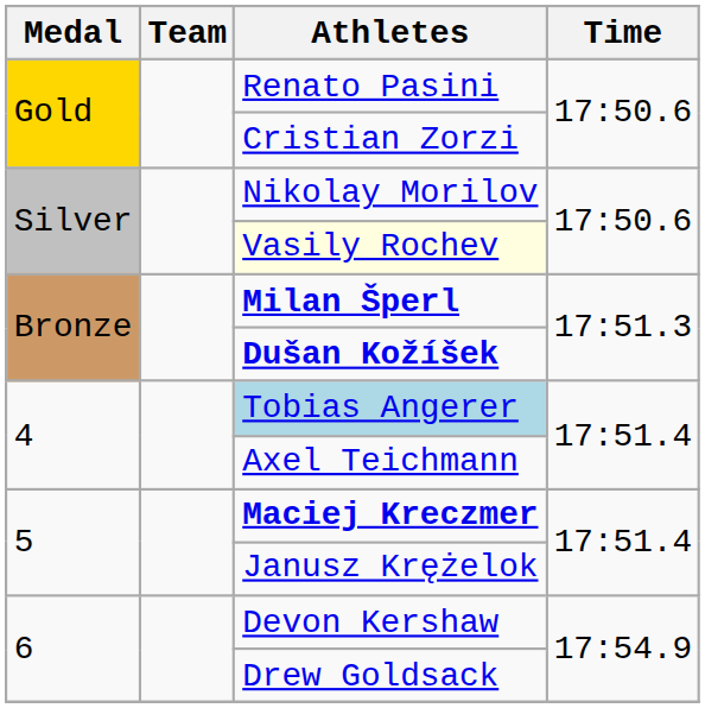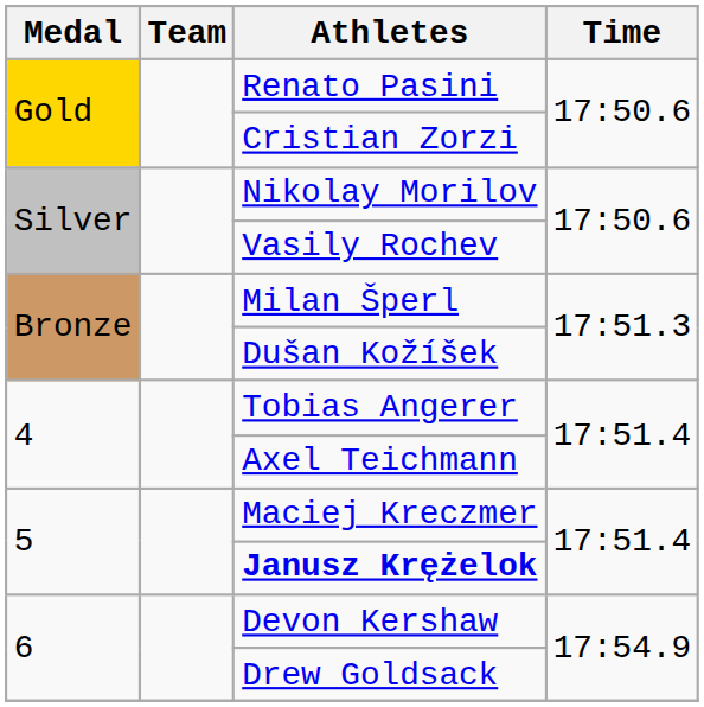 <table class="wikitable">
 <tr>
 <th align=left>Medal</th>
 <th>Team</th>
 <th>Athletes</th>
 <th align=Center>Time</th>
 </tr>
 <tr>
 <td bgcolor="gold" align=left rowspan="2">Gold</td>
 <td align=left rowspan="2"></td>
 <td align=left><a href='#'>Renato Pasini</a></td>
 <td align=center rowspan="2">17:50.6</td>
 </tr>
 <tr>
 <td align=left><a href='#'>Cristian Zorzi</a></td>
 </tr>
 <tr>
 <td bgcolor="silver" align=left rowspan="2">Silver</td>
 <td align=left rowspan="2"></td>
 <td align=left><a href='#'>Nikolay Morilov</a></td>
 <td align=center rowspan="2">17:50.6</td>
 </tr>
 <tr>
-<td align=left style="background: lightyellow;"><a href='#'>Vasily Rochev</a></td>
+<td align=left><a href='#'>Vasily Rochev</a></td>
 </tr>
 <tr>
 <td bgcolor="CC9966" align=left rowspan="2">Bronze</td>
 <td align=left rowspan="2"></td>
-<td align=left><strong><a href='#'>Milan Šperl</a></strong></td>
+<td align=left><a href='#'>Milan Šperl</a></td>
 <td align=center rowspan="2">17:51.3</td>
 </tr>
 <tr>
-<td align=left><strong><a href='#'>Dušan Kožíšek</a></strong></td>
+<td align=left><a href='#'>Dušan Kožíšek</a></td>
 </tr>
 <tr>
 <td align=left rowspan="2">4</td>
 <td align=left rowspan="2"></td>
-<td align=left style="background: lightblue;"><a href='#'>Tobias Angerer</a></td>
+<td align=left><a href='#'>Tobias Angerer</a></td>
 <td align=center rowspan="2">17:51.4</td>
 </tr>
 <tr>
 <td align=left><a href='#'>Axel Teichmann</a></td>
 </tr>
 <tr>
 <td align=left rowspan="2">5</td>
 <td align=left rowspan="2"></td>
-<td align=left><strong><a href='#'>Maciej Kreczmer</a></strong></td>
+<td align=left><a href='#'>Maciej Kreczmer</a></td>
 <td align=center rowspan="2">17:51.4</td>
 </tr>
 <tr>
-<td align=left><a href='#'>Janusz Krężelok</a></td>
+<td align=left><strong><a href='#'>Janusz Krężelok</a></strong></td>
 </tr>
 <tr>
 <td align=left rowspan="2">6</td>
 <td align=left rowspan="2"></td>
 <td align=left><a href='#'>Devon Kershaw</a></td>
 <td align=center rowspan="2">17:54.9</td>
 </tr>
 <tr>
 <td align=left><a href='#'>Drew Goldsack</a></td>
 </tr>
 <tr>
 </tr>
 </table>
